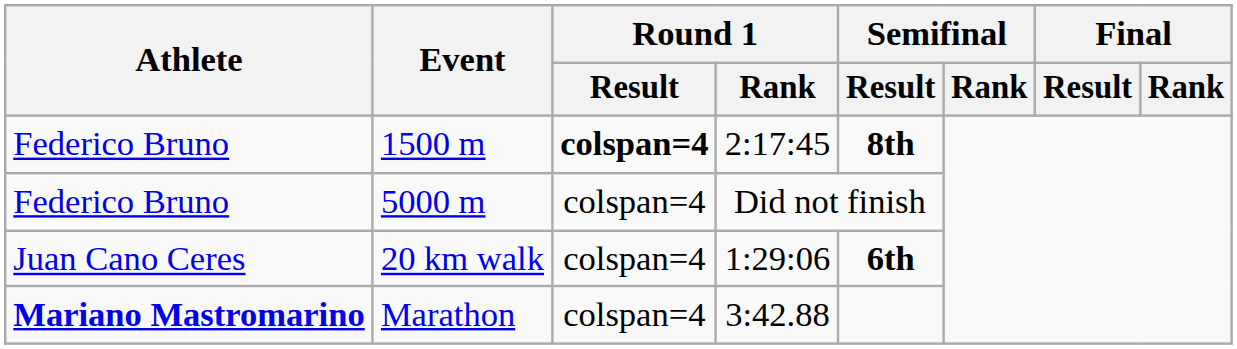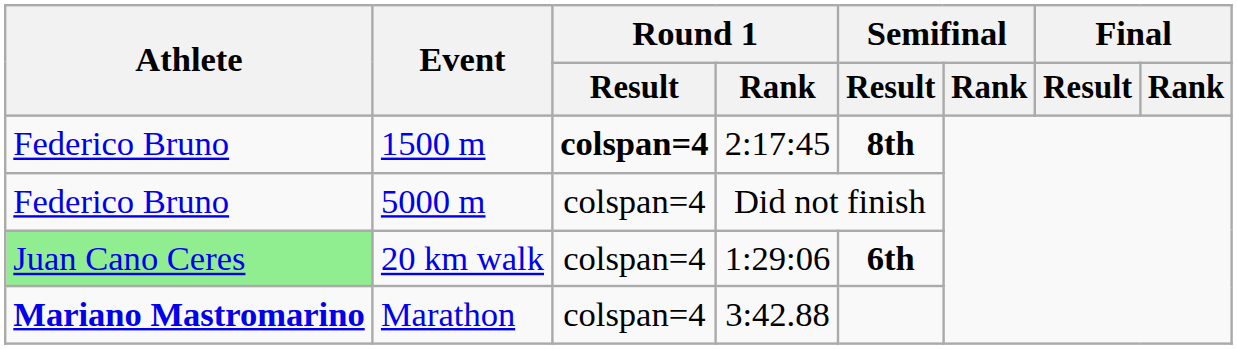 <table class=wikitable style="font-size:90%">
 <tr>
 <th rowspan="2">Athlete</th>
 <th rowspan="2">Event</th>
 <th colspan="2">Round 1</th>
 <th colspan="2">Semifinal</th>
 <th colspan="2">Final</th>
 </tr>
 <tr style="font-size:95%">
 <th>Result</th>
 <th>Rank</th>
 <th>Result</th>
 <th>Rank</th>
 <th>Result</th>
 <th>Rank</th>
 </tr>
 <tr align=center>
 <td align=left><a href='#'>Federico Bruno</a></td>
 <td align=left><a href='#'>1500 m</a></td>
 <td><strong>colspan=4 </strong></td>
 <td>2:17:45</td>
 <td><strong>8th</strong></td>
 </tr>
 <tr align=center>
 <td align=left><a href='#'>Federico Bruno</a></td>
 <td align=left><a href='#'>5000 m</a></td>
 <td>colspan=4 </td>
 <td colspan=2>Did not finish</td>
 </tr>
 <tr align=center>
-<td align=left><a href='#'>Juan Cano Ceres</a></td>
+<td align=left style="background: lightgreen;"><a href='#'>Juan Cano Ceres</a></td>
 <td align=left><a href='#'>20 km walk</a></td>
 <td>colspan=4 </td>
 <td>1:29:06</td>
 <td><strong>6th</strong></td>
 </tr>
 <tr align=center>
 <td align=left><strong><a href='#'>Mariano Mastromarino</a></strong></td>
 <td align=left><a href='#'>Marathon</a></td>
 <td>colspan=4 </td>
 <td>3:42.88</td>
 <td></td>
 </tr>
 </table>
